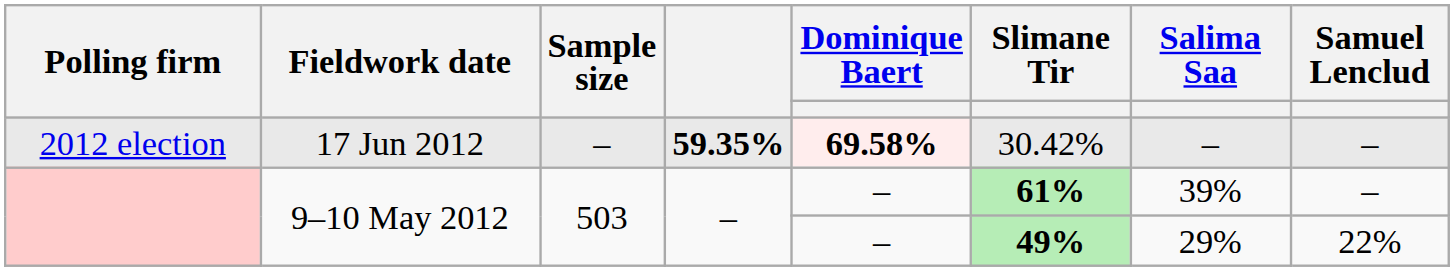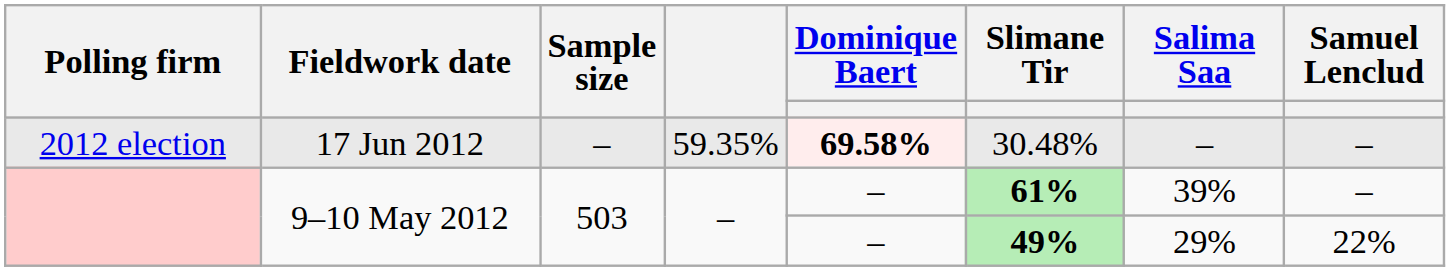 <table class="wikitable sortable" style="text-align:center;font-size:90%;line-height:14px;">
 <tr style="height:40px;">
 <th style="width:100px;" rowspan="2">Polling firm</th>
 <th style="width:110px;" rowspan="2">Fieldwork date</th>
 <th style="width:35px;" rowspan="2">Sample<br>size</th>
 <th style="width:30px;" rowspan="2"></th>
 <th class="unsortable" style="width:60px;"><a href='#'>Dominique Baert</a><br></th>
 <th class="unsortable" style="width:60px;">Slimane Tir<br></th>
 <th class="unsortable" style="width:60px;"><a href='#'>Salima Saa</a><br></th>
 <th class="unsortable" style="width:60px;">Samuel Lenclud<br></th>
 </tr>
 <tr>
 <th style="background:"></th>
 <th style="background:"></th>
 <th style="background:"></th>
 <th style="background:"></th>
 </tr>
 <tr style="background:#E9E9E9;">
 <td><a href='#'>2012 election</a></td>
 <td data-sort-value="2012-06-17">17 Jun 2012</td>
 <td>–</td>
-<td><strong>59.35%</strong></td>
+<td>59.35%</td>
 <td style="background:#FFEDED;"><strong>69.58%</strong></td>
-<td>30.42%</td>
+<td>30.48%</td>
 <td>–</td>
 <td>–</td>
 </tr>
 <tr>
 <td rowspan="2" style="background:#FFCCCC;"> </td>
 <td rowspan="2" data-sort-value="2012-05-10">9–10 May 2012</td>
 <td rowspan="2">503</td>
 <td rowspan="2">–</td>
 <td>–</td>
 <td style="background:#B6EDB6;"><strong>61%</strong></td>
 <td>39%</td>
 <td>–</td>
 </tr>
 <tr>
 <td>–</td>
 <td style="background:#B6EDB6;"><strong>49%</strong></td>
 <td>29%</td>
 <td>22%</td>
 </tr>
 </table>
